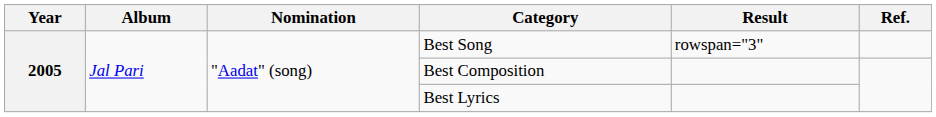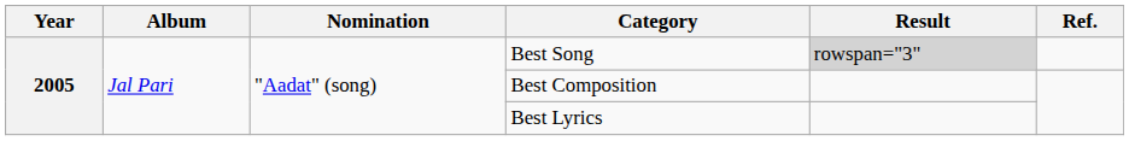 <table class="wikitable plainrowheaders" width="100%" "textcolor:#000;">
 <tr>
 <th>Year</th>
 <th>Album</th>
 <th>Nomination</th>
 <th>Category</th>
 <th>Result</th>
 <th>Ref.</th>
 </tr>
 <tr>
 <th rowspan="3">2005</th>
 <td rowspan="3"><em><a href='#'>Jal Pari</a></em></td>
 <td rowspan="3">"<a href='#'>Aadat</a>" (song)</td>
 <td>Best Song</td>
-<td>rowspan="3" </td>
+<td style="background: lightgrey;">rowspan="3" </td>
 <td></td>
 </tr>
 <tr>
 <td>Best Composition</td>
 <td></td>
 </tr>
 <tr>
 <td>Best Lyrics</td>
 <td></td>
 </tr>
 </table>
